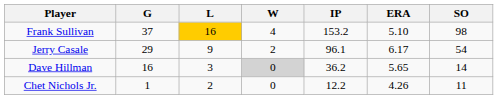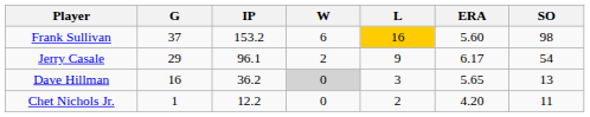 <table class="wikitable sortable">
 <tr>
 <th bgcolor="#DDDDFF" width="16%">Player</th>
 <th bgcolor="#DDDDFF" width="9%">G</th>
+<th bgcolor="#DDDDFF" width="9%">IP</th>
+<th bgcolor="#DDDDFF" width="9%">W</th>
 <th bgcolor="#DDDDFF" width="9%">L</th>
-<th bgcolor="#DDDDFF" width="9%">W</th>
-<th bgcolor="#DDDDFF" width="9%">IP</th>
 <th bgcolor="#DDDDFF" width="9%">ERA</th>
 <th bgcolor="#DDDDFF" width="9%">SO</th>
 </tr>
 <tr align="center">
 <td><a href='#'>Frank Sullivan</a></td>
 <td>37</td>
+<td>153.2</td>
+<td>6</td>
 <td style="background:#fc0;">16</td>
-<td>4</td>
-<td>153.2</td>
-<td>5.10</td>
+<td>5.60</td>
 <td>98</td>
 </tr>
 <tr align=center>
 <td><a href='#'>Jerry Casale</a></td>
 <td>29</td>
+<td>96.1</td>
+<td>2</td>
 <td>9</td>
-<td>2</td>
-<td>96.1</td>
 <td>6.17</td>
 <td>54</td>
 </tr>
 <tr align=center>
 <td><a href='#'>Dave Hillman</a></td>
 <td>16</td>
+<td>36.2</td>
+<td style="background: lightgrey;">0</td>
 <td>3</td>
-<td style="background: lightgrey;">0</td>
-<td>36.2</td>
 <td>5.65</td>
-<td>14</td>
+<td>13</td>
 </tr>
 <tr align=center>
 <td><a href='#'>Chet Nichols Jr.</a></td>
 <td>1</td>
+<td>12.2</td>
+<td>0</td>
 <td>2</td>
-<td>0</td>
-<td>12.2</td>
-<td>4.26</td>
+<td>4.20</td>
 <td>11</td>
 </tr>
 </table>
